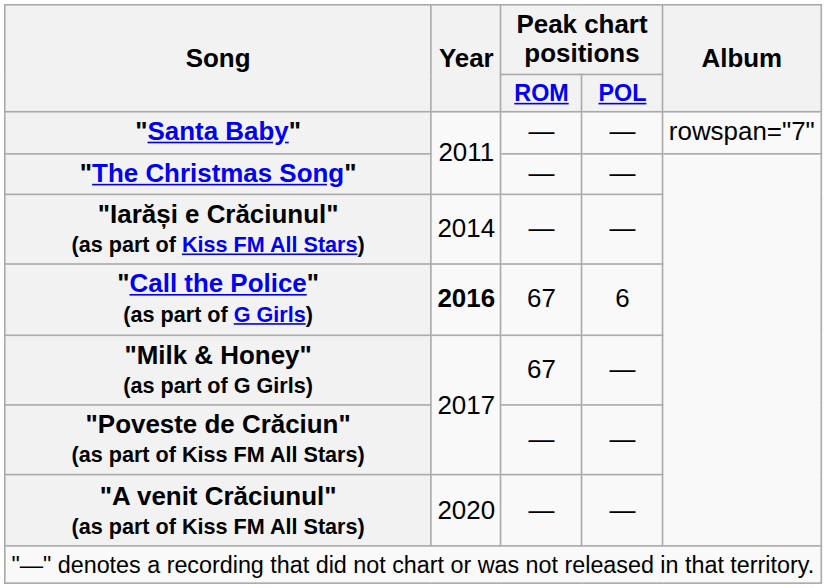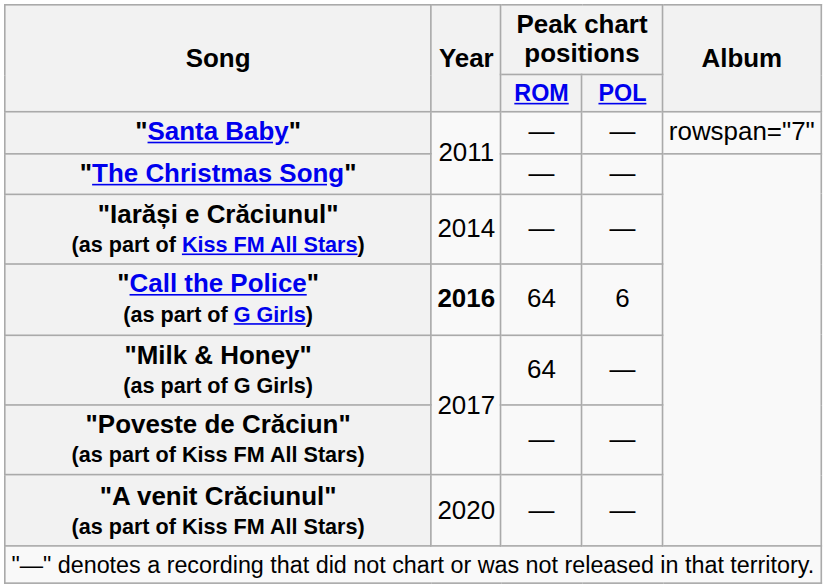 <table class="wikitable plainrowheaders" style="text-align:center;" border="1">
 <tr>
 <th scope="col" rowspan="2" style="width:16em;">Song</th>
 <th scope="col" rowspan="2">Year</th>
 <th scope="col" colspan="2">Peak chart positions</th>
 <th scope="col" rowspan="2">Album</th>
 </tr>
 <tr>
 <th scope="col" style="width:3em;font-size:90%;"><a href='#'>ROM</a><br></th>
 <th scope="col" style="width:3em;font-size:90%;"><a href='#'>POL</a><br></th>
 </tr>
 <tr>
 <th scope="row">"<a href='#'>Santa Baby</a>"</th>
 <td rowspan="2">2011</td>
 <td>—</td>
 <td>—</td>
 <td>rowspan="7" </td>
 </tr>
 <tr>
 <th scope="row">"<a href='#'>The Christmas Song</a>"</th>
 <td>—</td>
 <td>—</td>
 </tr>
 <tr>
 <th scope="row">"Iarăși e Crăciunul"<br><small>(as part of <a href='#'>Kiss FM All Stars</a>)</small></th>
 <td>2014</td>
 <td>—</td>
 <td>—</td>
 </tr>
 <tr>
 <th scope="row">"<a href='#'>Call the Police</a>"<br><small>(as part of <a href='#'>G Girls</a>)</small></th>
 <td rowspan="1"><strong>2016</strong></td>
-<td>67</td>
+<td>64</td>
 <td>6</td>
 </tr>
 <tr>
 <th scope="row">"Milk & Honey"<br><small>(as part of G Girls)</small></th>
 <td rowspan="2">2017</td>
-<td>67</td>
+<td>64</td>
 <td>—</td>
 </tr>
 <tr>
 <th scope="row">"Poveste de Crăciun"<br><small>(as part of Kiss FM All Stars)</small></th>
 <td>—</td>
 <td>—</td>
 </tr>
 <tr>
 <th scope="row">"A venit Crăciunul"<br><small>(as part of Kiss FM All Stars)</small></th>
 <td rowspan="1">2020</td>
 <td>—</td>
 <td>—</td>
 </tr>
 <tr>
 <td colspan="5" style="font-size:90%">"—" denotes a recording that did not chart or was not released in that territory.</td>
 </tr>
 </table>
